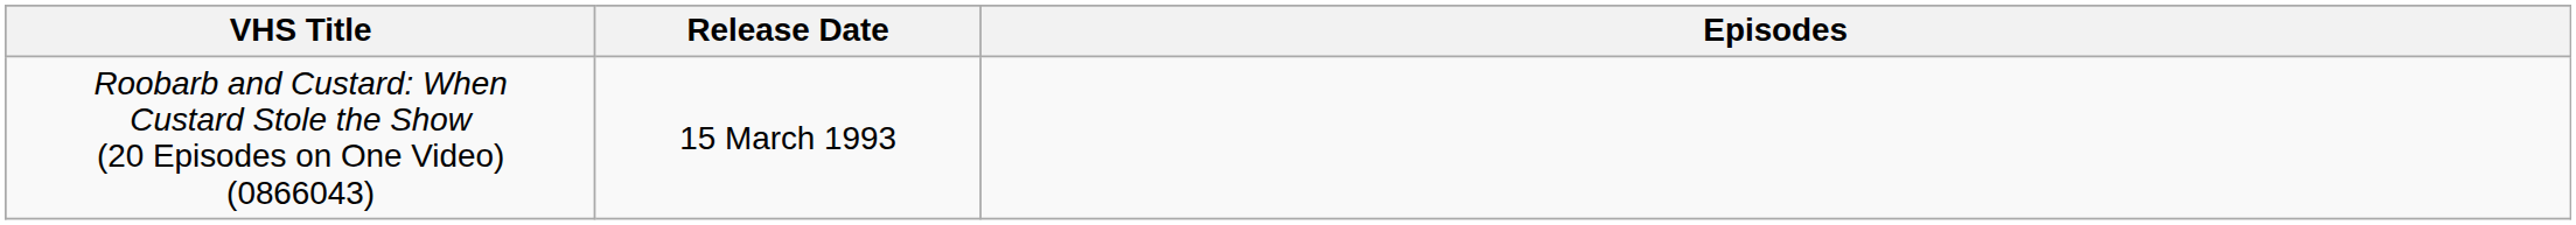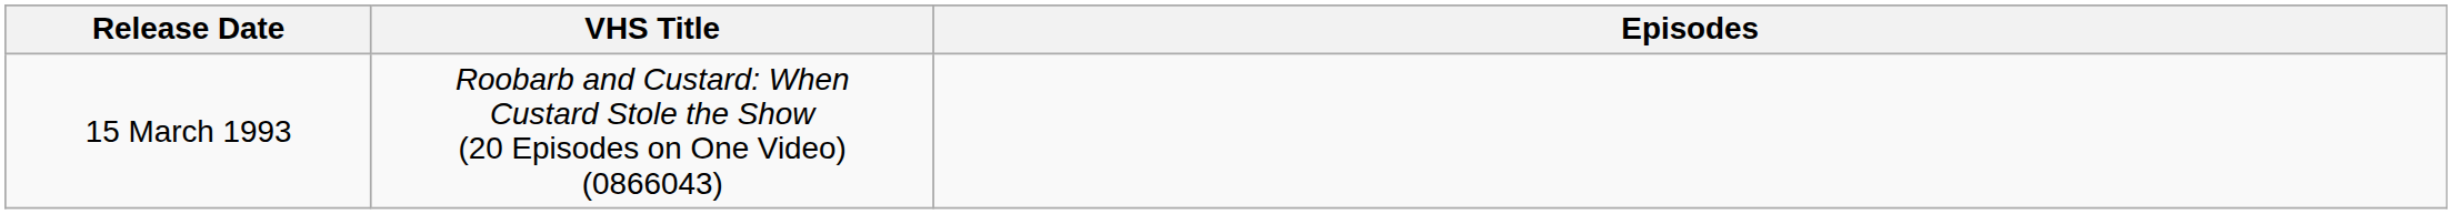 <table class="wikitable" style="text-align:center; width:100%;">
 <tr>
+<th style="width:15%;">Release Date</th>
 <th style="width:23%;">VHS Title</th>
-<th style="width:15%;">Release Date</th>
 <th>Episodes</th>
 </tr>
 <tr>
+<td style="text-align:center;">15 March 1993</td>
 <td><em>Roobarb and Custard: When<br>Custard Stole the Show</em><br>(20 Episodes on One Video)<br>(0866043)</td>
-<td style="text-align:center;">15 March 1993</td>
 <td style="text-align:center;"></td>
 </tr>
 </table>
